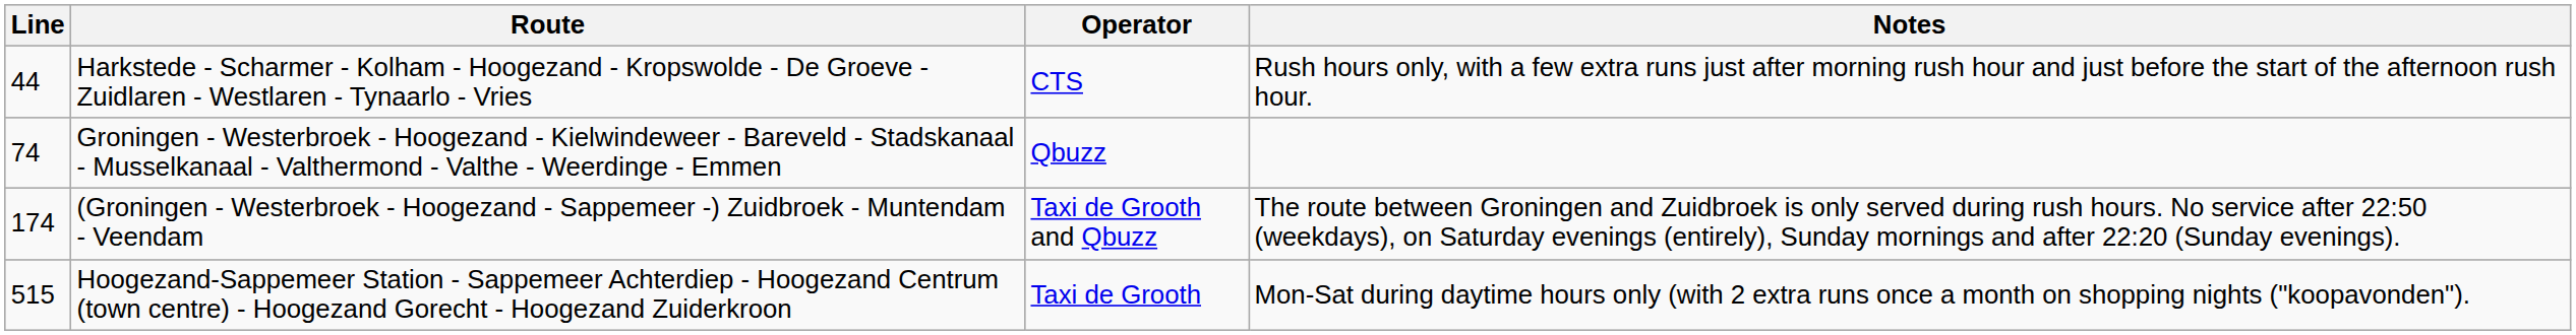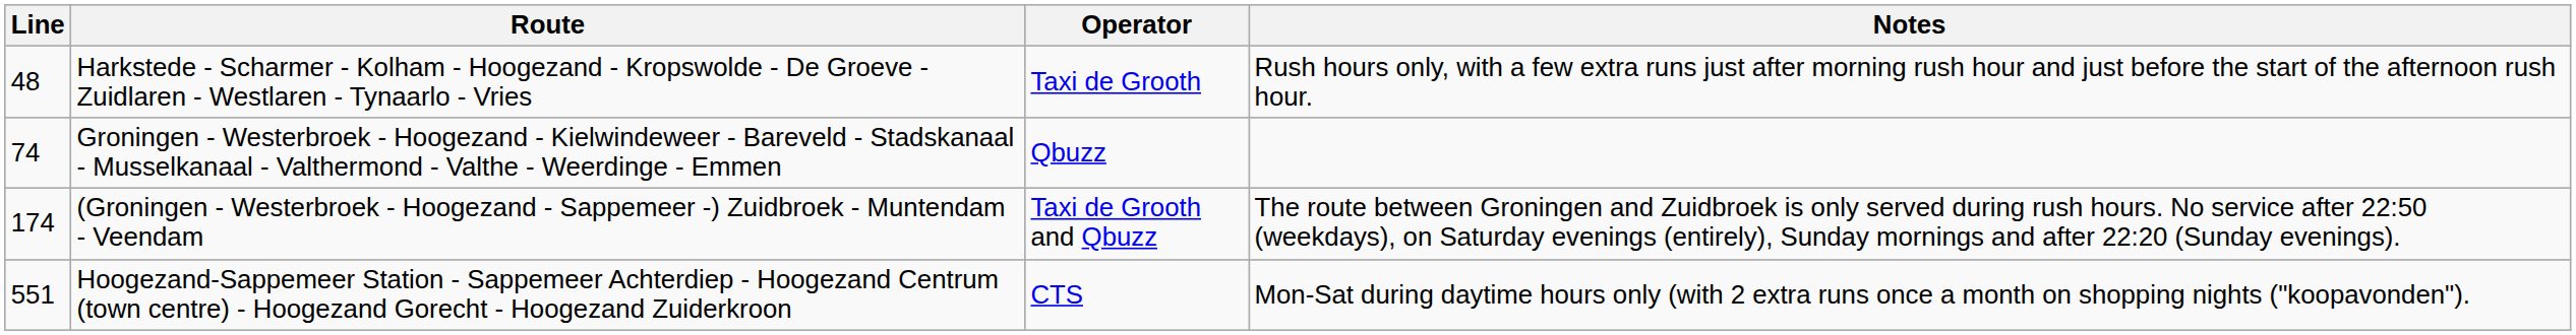 <table class="wikitable">
 <tr>
 <th>Line</th>
 <th>Route</th>
 <th>Operator</th>
 <th>Notes</th>
 </tr>
 <tr>
-<td>44</td>
+<td>48</td>
 <td>Harkstede - Scharmer - Kolham - Hoogezand - Kropswolde - De Groeve - Zuidlaren - Westlaren - Tynaarlo - Vries</td>
-<td><a href='#'>CTS</a></td>
+<td><a href='#'>Taxi de Grooth</a></td>
 <td>Rush hours only, with a few extra runs just after morning rush hour and just before the start of the afternoon rush hour.</td>
 </tr>
 <tr>
 <td>74</td>
 <td>Groningen - Westerbroek - Hoogezand - Kielwindeweer - Bareveld - Stadskanaal - Musselkanaal - Valthermond - Valthe - Weerdinge - Emmen</td>
 <td><a href='#'>Qbuzz</a></td>
 <td></td>
 </tr>
 <tr>
 <td>174</td>
 <td>(Groningen - Westerbroek - Hoogezand - Sappemeer -) Zuidbroek - Muntendam - Veendam</td>
 <td><a href='#'>Taxi de Grooth</a> and <a href='#'>Qbuzz</a></td>
 <td>The route between Groningen and Zuidbroek is only served during rush hours. No service after 22:50 (weekdays), on Saturday evenings (entirely), Sunday mornings and after 22:20 (Sunday evenings).</td>
 </tr>
 <tr>
-<td>515</td>
+<td>551</td>
 <td>Hoogezand-Sappemeer Station - Sappemeer Achterdiep - Hoogezand Centrum (town centre) - Hoogezand Gorecht - Hoogezand Zuiderkroon</td>
-<td><a href='#'>Taxi de Grooth</a></td>
+<td><a href='#'>CTS</a></td>
 <td>Mon-Sat during daytime hours only (with 2 extra runs once a month on shopping nights ("koopavonden").</td>
 </tr>
 </table>
